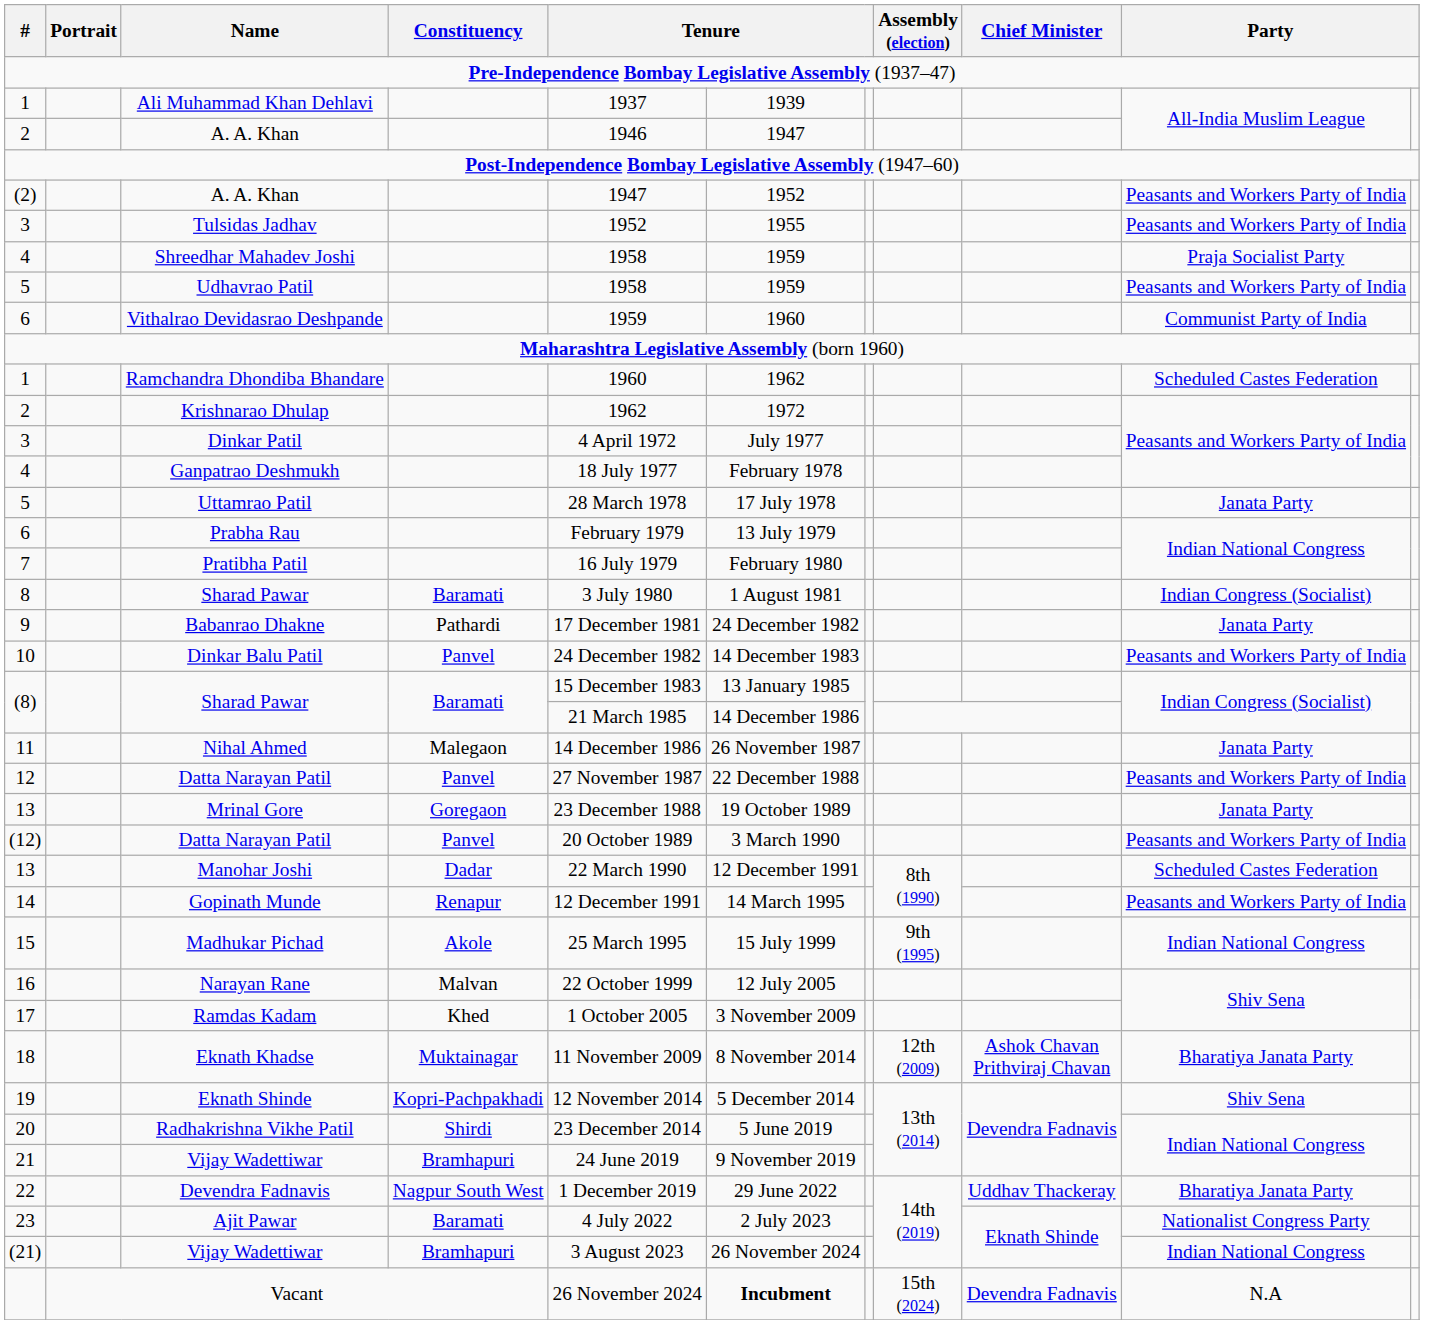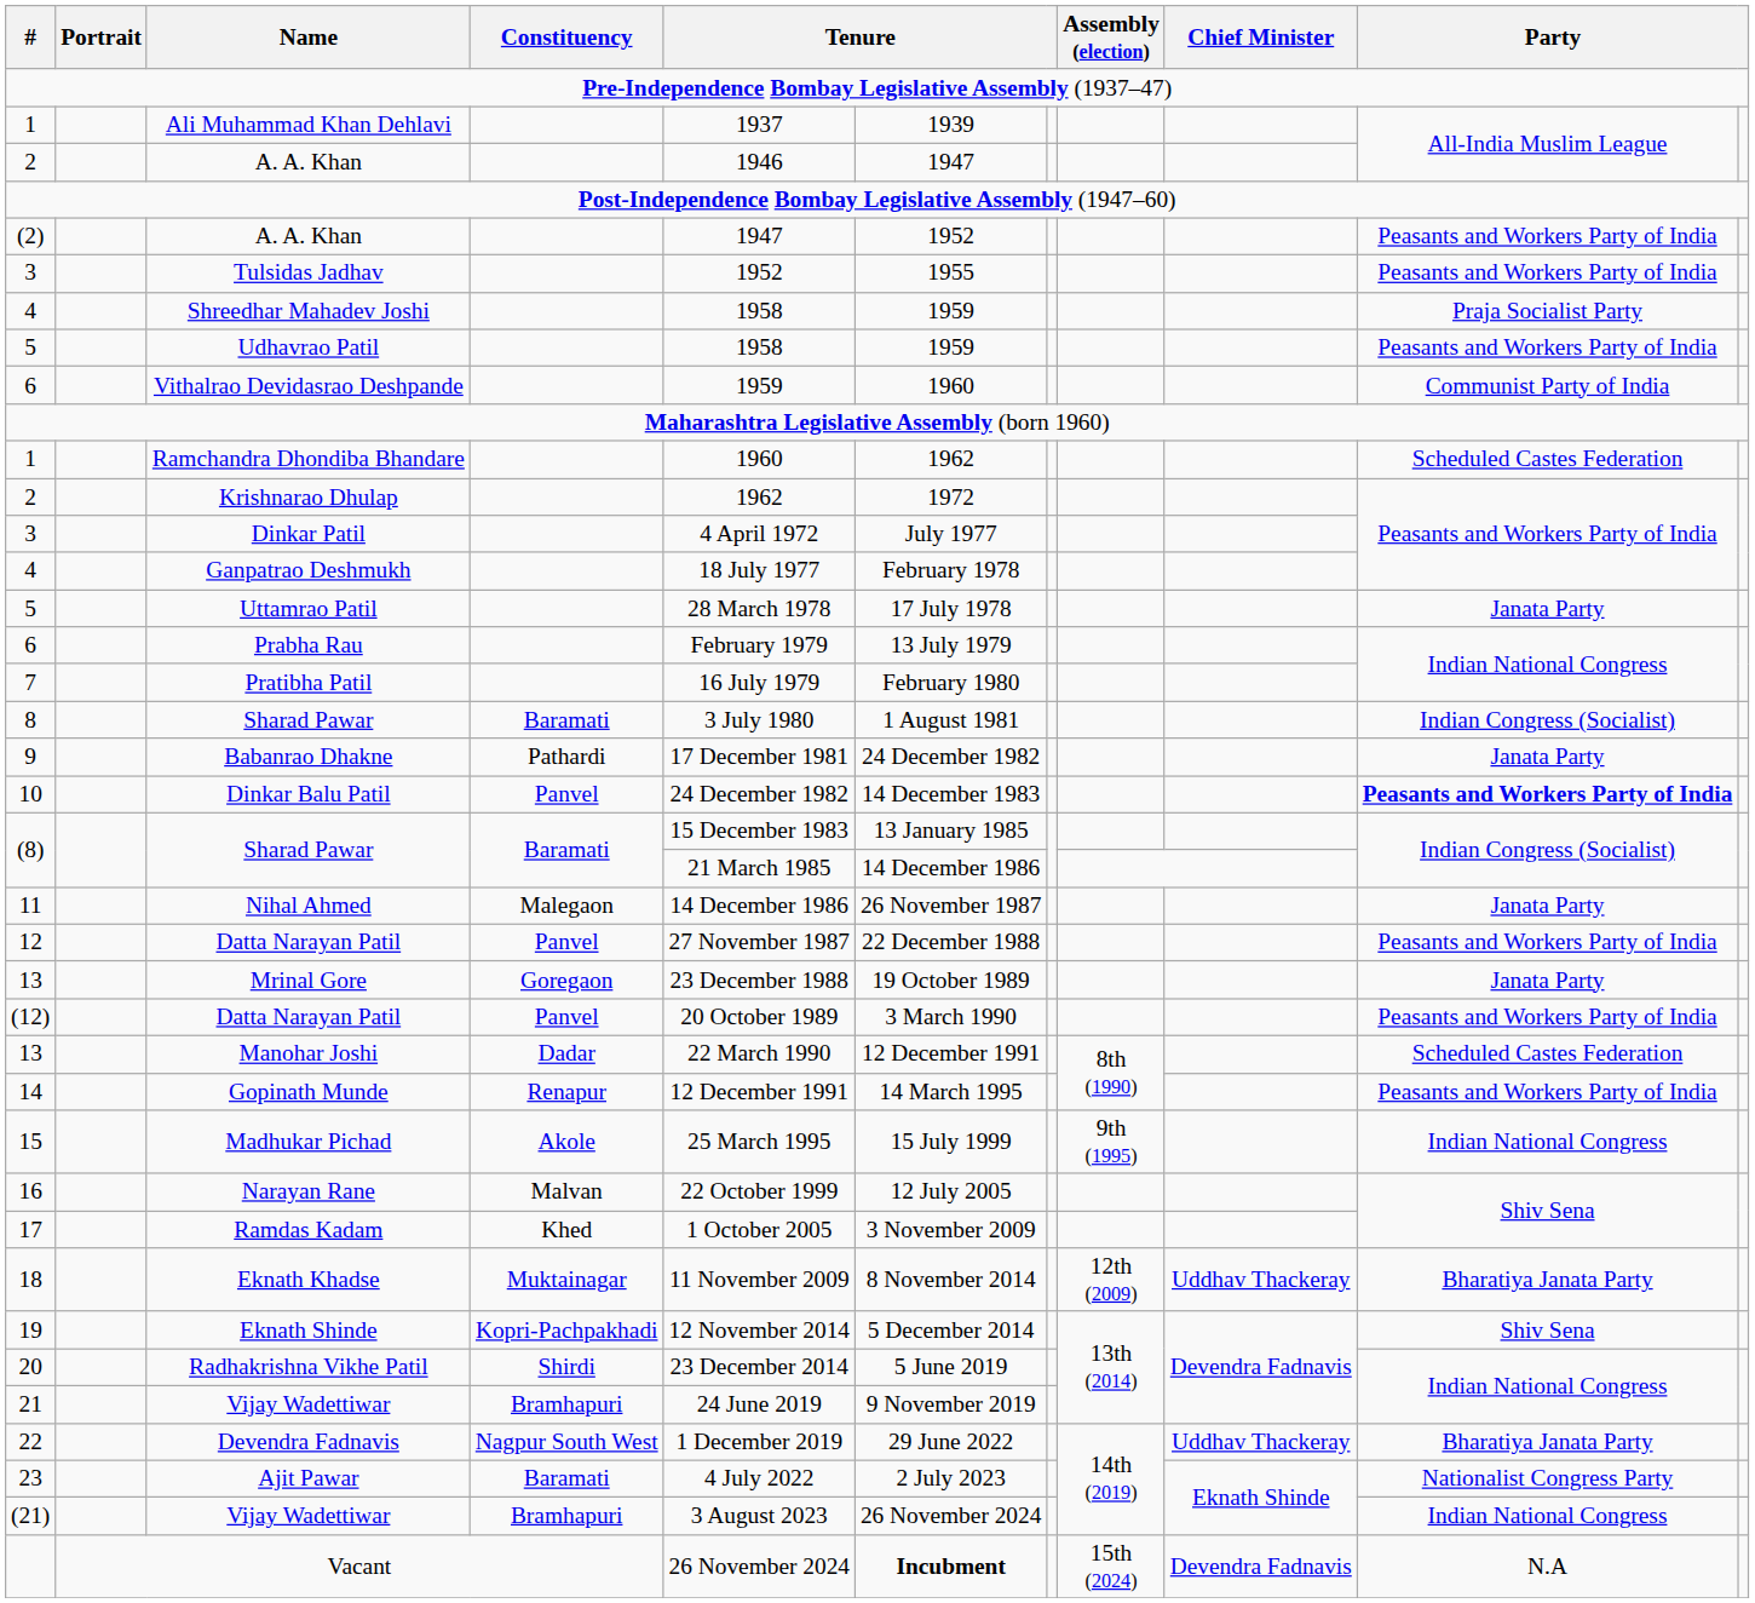 <table class="wikitable"style="text-align:center">
 <tr>
 <th>#</th>
 <th>Portrait</th>
 <th>Name</th>
 <th><a href='#'>Constituency</a></th>
 <th colspan="3" scope="col">Tenure</th>
 <th>Assembly<br><small>(<a href='#'>election</a>)</small></th>
 <th><a href='#'>Chief Minister</a></th>
 <th colspan="2" scope="col">Party</th>
 </tr>
 <tr>
 <td colspan="11" style="text-align:center;"><strong><a href='#'>Pre-Independence</a> <a href='#'>Bombay Legislative Assembly</a></strong> (1937–47)</td>
 </tr>
 <tr>
 <td>1</td>
 <td></td>
 <td><a href='#'>Ali Muhammad Khan Dehlavi</a></td>
 <td></td>
 <td>1937</td>
 <td>1939</td>
 <td></td>
 <td></td>
 <td></td>
 <td rowspan=2><a href='#'>All-India Muslim League</a></td>
 <td rowspan=2 style="background-color: "></td>
 </tr>
 <tr>
 <td>2</td>
 <td></td>
 <td>A. A. Khan</td>
 <td></td>
 <td>1946</td>
 <td>1947</td>
 <td></td>
 <td></td>
 <td></td>
 </tr>
 <tr>
 <td colspan="11" style="text-align:center;"><strong><a href='#'>Post-Independence</a> <a href='#'>Bombay Legislative Assembly</a></strong> (1947–60)</td>
 </tr>
 <tr>
 <td>(2)</td>
 <td></td>
 <td>A. A. Khan</td>
 <td></td>
 <td>1947</td>
 <td>1952</td>
 <td></td>
 <td></td>
 <td></td>
 <td><a href='#'>Peasants and Workers Party of India</a></td>
 <td style="background-color: "></td>
 </tr>
 <tr>
 <td>3</td>
 <td></td>
 <td><a href='#'>Tulsidas Jadhav</a></td>
 <td></td>
 <td>1952</td>
 <td>1955</td>
 <td></td>
 <td></td>
 <td></td>
 <td><a href='#'>Peasants and Workers Party of India</a></td>
 <td style="background-color: "></td>
 </tr>
 <tr>
 <td>4</td>
 <td></td>
 <td><a href='#'>Shreedhar Mahadev Joshi</a></td>
 <td></td>
 <td>1958</td>
 <td>1959</td>
 <td></td>
 <td></td>
 <td></td>
 <td><a href='#'>Praja Socialist Party</a></td>
 <td style="background-color: "></td>
 </tr>
 <tr>
 <td>5</td>
 <td></td>
 <td><a href='#'>Udhavrao Patil</a></td>
 <td></td>
 <td>1958</td>
 <td>1959</td>
 <td></td>
 <td></td>
 <td></td>
 <td><a href='#'>Peasants and Workers Party of India</a></td>
 <td style="background-color: "></td>
 </tr>
 <tr>
 <td>6</td>
 <td></td>
 <td><a href='#'>Vithalrao Devidasrao Deshpande</a></td>
 <td></td>
 <td>1959</td>
 <td>1960</td>
 <td></td>
 <td></td>
 <td></td>
 <td><a href='#'>Communist Party of India</a></td>
 <td style="background-color: "></td>
 </tr>
 <tr>
 <td colspan="11" style="text-align:center;"><strong><a href='#'>Maharashtra Legislative Assembly</a></strong> (born 1960)</td>
 </tr>
 <tr>
 <td>1</td>
 <td></td>
 <td><a href='#'>Ramchandra Dhondiba Bhandare</a></td>
 <td></td>
 <td>1960</td>
 <td>1962</td>
 <td></td>
 <td></td>
 <td></td>
 <td><a href='#'>Scheduled Castes Federation</a></td>
 <td style="background-color: "></td>
 </tr>
 <tr>
 <td>2</td>
 <td></td>
 <td><a href='#'>Krishnarao Dhulap</a></td>
 <td></td>
 <td>1962</td>
 <td>1972</td>
 <td></td>
 <td></td>
 <td></td>
 <td rowspan=3><a href='#'>Peasants and Workers Party of India</a></td>
 <td rowspan=3 style="background-color: "></td>
 </tr>
 <tr>
 <td>3</td>
 <td></td>
 <td><a href='#'>Dinkar Patil</a></td>
 <td></td>
 <td>4 April 1972</td>
 <td>July 1977</td>
 <td></td>
 <td></td>
 <td></td>
 </tr>
 <tr>
 <td>4</td>
 <td></td>
 <td><a href='#'>Ganpatrao Deshmukh</a></td>
 <td></td>
 <td>18 July 1977</td>
 <td>February 1978</td>
 <td></td>
 <td></td>
 <td></td>
 </tr>
 <tr>
 <td>5</td>
 <td></td>
 <td><a href='#'>Uttamrao Patil</a></td>
 <td></td>
 <td>28 March 1978</td>
 <td>17 July 1978</td>
 <td></td>
 <td></td>
 <td></td>
 <td><a href='#'>Janata Party</a></td>
 <td style="background-color: "></td>
 </tr>
 <tr>
 <td>6</td>
 <td></td>
 <td><a href='#'>Prabha Rau</a></td>
 <td></td>
 <td>February 1979</td>
 <td>13 July 1979</td>
 <td></td>
 <td></td>
 <td></td>
 <td rowspan=2><a href='#'>Indian National Congress</a></td>
 <td rowspan=2 style="background-color: "></td>
 </tr>
 <tr>
 <td>7</td>
 <td></td>
 <td><a href='#'>Pratibha Patil</a></td>
 <td></td>
 <td>16 July 1979</td>
 <td>February 1980</td>
 <td></td>
 <td></td>
 <td></td>
 </tr>
 <tr>
 <td>8</td>
 <td></td>
 <td><a href='#'>Sharad Pawar</a></td>
 <td><a href='#'>Baramati</a></td>
 <td>3 July 1980</td>
 <td>1 August 1981</td>
 <td></td>
 <td></td>
 <td></td>
 <td><a href='#'>Indian Congress (Socialist)</a></td>
 <td style="background-color: "></td>
 </tr>
 <tr>
 <td>9</td>
 <td></td>
 <td><a href='#'>Babanrao Dhakne</a></td>
 <td>Pathardi</td>
 <td>17 December 1981</td>
 <td>24 December 1982</td>
 <td></td>
 <td></td>
 <td></td>
 <td><a href='#'>Janata Party</a></td>
 <td style="background-color: "></td>
 </tr>
 <tr>
 <td>10</td>
 <td></td>
 <td><a href='#'>Dinkar Balu Patil</a></td>
 <td><a href='#'>Panvel</a></td>
 <td>24 December 1982</td>
 <td>14 December 1983</td>
 <td></td>
 <td></td>
 <td></td>
-<td><a href='#'>Peasants and Workers Party of India</a></td>
+<td><strong><a href='#'>Peasants and Workers Party of India</a></strong></td>
 <td style="background-color: "></td>
 </tr>
 <tr>
 <td rowspan="2">(8)</td>
 <td rowspan="2"></td>
 <td rowspan="2"><a href='#'>Sharad Pawar</a></td>
 <td rowspan="2"><a href='#'>Baramati</a></td>
 <td>15 December 1983</td>
 <td>13 January 1985</td>
 <td rowspan="2"></td>
 <td></td>
 <td></td>
 <td rowspan=2><a href='#'>Indian Congress (Socialist)</a></td>
 <td rowspan=2 style="background-color: "></td>
 </tr>
 <tr>
 <td>21 March 1985</td>
 <td>14 December 1986</td>
 </tr>
 <tr>
 <td>11</td>
 <td></td>
 <td><a href='#'>Nihal Ahmed</a></td>
 <td>Malegaon</td>
 <td>14 December 1986</td>
 <td>26 November 1987</td>
 <td></td>
 <td></td>
 <td></td>
 <td><a href='#'>Janata Party</a></td>
 <td style="background-color: "></td>
 </tr>
 <tr>
 <td>12</td>
 <td></td>
 <td><a href='#'>Datta Narayan Patil</a></td>
 <td><a href='#'>Panvel</a></td>
 <td>27 November 1987</td>
 <td>22 December 1988</td>
 <td></td>
 <td></td>
 <td></td>
 <td><a href='#'>Peasants and Workers Party of India</a></td>
 <td style="background-color: "></td>
 </tr>
 <tr>
 <td>13</td>
 <td></td>
 <td><a href='#'>Mrinal Gore</a></td>
 <td><a href='#'>Goregaon</a></td>
 <td>23 December 1988</td>
 <td>19 October 1989</td>
 <td></td>
 <td></td>
 <td></td>
 <td><a href='#'>Janata Party</a></td>
 <td style="background-color: "></td>
 </tr>
 <tr>
 <td>(12)</td>
 <td></td>
 <td><a href='#'>Datta Narayan Patil</a></td>
 <td><a href='#'>Panvel</a></td>
 <td>20 October 1989</td>
 <td>3 March 1990</td>
 <td></td>
 <td></td>
 <td></td>
 <td><a href='#'>Peasants and Workers Party of India</a></td>
 <td style="background-color: "></td>
 </tr>
 <tr>
 <td>13</td>
 <td></td>
 <td><a href='#'>Manohar Joshi</a></td>
 <td><a href='#'>Dadar</a></td>
 <td>22 March 1990</td>
 <td>12 December 1991</td>
 <td></td>
 <td rowspan=2>8th<br><small>(<a href='#'>1990</a>) </small></td>
 <td></td>
 <td><a href='#'>Scheduled Castes Federation</a></td>
 <td style="background-color: "></td>
 </tr>
 <tr>
 <td>14</td>
 <td></td>
 <td><a href='#'>Gopinath Munde</a></td>
 <td><a href='#'>Renapur</a></td>
 <td>12 December 1991</td>
 <td>14 March 1995</td>
 <td></td>
 <td></td>
 <td><a href='#'>Peasants and Workers Party of India</a></td>
 <td style="background-color: "></td>
 </tr>
 <tr>
 <td>15</td>
 <td></td>
 <td><a href='#'>Madhukar Pichad</a></td>
 <td><a href='#'>Akole</a></td>
 <td>25 March 1995</td>
 <td>15 July 1999</td>
 <td></td>
 <td>9th<br><small>(<a href='#'>1995</a>) </small></td>
 <td></td>
 <td><a href='#'>Indian National Congress</a></td>
 <td style="background-color: "></td>
 </tr>
 <tr>
 <td>16</td>
 <td></td>
 <td><a href='#'>Narayan Rane</a></td>
 <td>Malvan</td>
 <td>22 October 1999</td>
 <td>12 July 2005</td>
 <td></td>
 <td></td>
 <td></td>
 <td rowspan=2><a href='#'>Shiv Sena</a></td>
 <td rowspan=2 style="background-color: "></td>
 </tr>
 <tr>
 <td>17</td>
 <td></td>
 <td><a href='#'>Ramdas Kadam</a></td>
 <td>Khed</td>
 <td>1 October 2005</td>
 <td>3 November 2009</td>
 <td></td>
 <td></td>
 <td></td>
 </tr>
 <tr>
 <td>18</td>
 <td></td>
 <td><a href='#'>Eknath Khadse</a></td>
 <td><a href='#'>Muktainagar</a></td>
 <td>11 November 2009</td>
 <td>8 November 2014</td>
 <td></td>
 <td>12th<br><small>(<a href='#'>2009</a>)</small></td>
-<td><a href='#'>Ashok Chavan</a><br><a href='#'>Prithviraj Chavan</a></td>
+<td><a href='#'>Uddhav Thackeray</a></td>
 <td><a href='#'>Bharatiya Janata Party</a></td>
 <td style="background-color: "></td>
 </tr>
 <tr>
 <td>19</td>
 <td></td>
 <td><a href='#'>Eknath Shinde</a></td>
 <td><a href='#'>Kopri-Pachpakhadi</a></td>
 <td>12 November 2014</td>
 <td>5 December 2014</td>
 <td></td>
 <td rowspan=3>13th<br><small>(<a href='#'>2014</a>)</small></td>
 <td rowspan=3><a href='#'>Devendra Fadnavis</a></td>
 <td><a href='#'>Shiv Sena</a></td>
 <td style="background-color: "></td>
 </tr>
 <tr>
 <td>20</td>
 <td></td>
 <td><a href='#'>Radhakrishna Vikhe Patil</a></td>
 <td><a href='#'>Shirdi</a></td>
 <td>23 December 2014</td>
 <td>5 June 2019</td>
 <td></td>
 <td rowspan=2><a href='#'>Indian National Congress</a></td>
 <td rowspan=2 style="background-color: "></td>
 </tr>
 <tr>
 <td>21</td>
 <td></td>
 <td><a href='#'>Vijay Wadettiwar</a></td>
 <td><a href='#'>Bramhapuri</a></td>
 <td>24 June 2019</td>
 <td>9 November 2019</td>
 <td></td>
 </tr>
 <tr>
 <td>22</td>
 <td></td>
 <td><a href='#'>Devendra Fadnavis</a></td>
 <td><a href='#'>Nagpur South West</a></td>
 <td>1 December 2019</td>
 <td>29 June 2022</td>
 <td></td>
 <td rowspan=3>14th<br><small>(<a href='#'>2019</a>)</small></td>
 <td><a href='#'>Uddhav Thackeray</a></td>
 <td><a href='#'>Bharatiya Janata Party</a></td>
 <td style="background-color: "></td>
 </tr>
 <tr>
 <td>23</td>
 <td></td>
 <td><a href='#'>Ajit Pawar</a></td>
 <td><a href='#'>Baramati</a></td>
 <td>4 July 2022</td>
 <td>2 July 2023</td>
 <td></td>
 <td rowspan=2><a href='#'>Eknath Shinde</a></td>
 <td><a href='#'>Nationalist Congress Party</a></td>
 <td style="background-color: "></td>
 </tr>
 <tr>
 <td>(21)</td>
 <td></td>
 <td><a href='#'>Vijay Wadettiwar</a></td>
 <td><a href='#'>Bramhapuri</a></td>
 <td>3 August 2023</td>
 <td>26 November 2024</td>
 <td></td>
 <td><a href='#'>Indian National Congress</a></td>
 <td style="background-color: "></td>
 </tr>
 <tr>
 <td></td>
 <td colspan="3">Vacant </td>
 <td>26 November 2024</td>
 <td><strong>Incubment</strong></td>
 <td></td>
 <td>15th<br><small>(<a href='#'>2024</a>)</small></td>
 <td rowspan=2><a href='#'>Devendra Fadnavis</a></td>
 <td>N.A</td>
 <td></td>
 </tr>
 </table>
